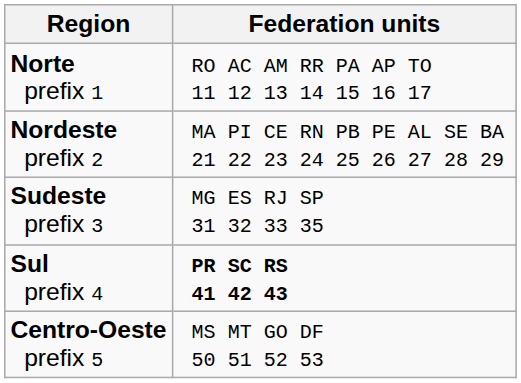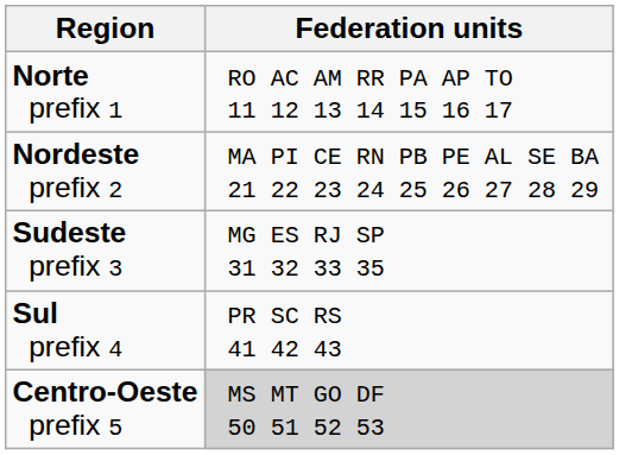 <table class="wikitable">
 <tr>
 <th>Region</th>
 <th>Federation units</th>
 </tr>
 <tr>
 <td><strong>Norte</strong><br>  prefix <code>1</code></td>
 <td>  <code>RO AC AM RR PA AP TO</code><br>  <code>11 12 13 14 15 16 17</code></td>
 </tr>
 <tr>
 <td><strong>Nordeste</strong><br>  prefix <code>2</code></td>
 <td>  <code>MA PI CE RN PB PE AL SE BA</code> <br>  <code>21 22 23 24 25 26 27 28 29</code></td>
 </tr>
 <tr>
 <td><strong>Sudeste</strong><br>  prefix <code>3</code></td>
 <td>  <code>MG ES RJ SP</code><br>  <code>31 32 33 35</code></td>
 </tr>
 <tr>
 <td><strong>Sul</strong><br>  prefix <code>4</code></td>
-<td><strong>  <code>PR SC RS</code><br>  <code>41 42 43</code></strong></td>
+<td>  <code>PR SC RS</code><br>  <code>41 42 43</code></td>
 </tr>
 <tr>
 <td><strong>Centro-Oeste</strong><br>  prefix <code>5</code></td>
-<td>  <code>MS MT GO DF</code><br>  <code>50 51 52 53</code></td>
+<td style="background: lightgrey;">  <code>MS MT GO DF</code><br>  <code>50 51 52 53</code></td>
 </tr>
 </table>
